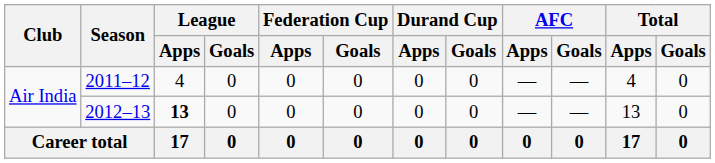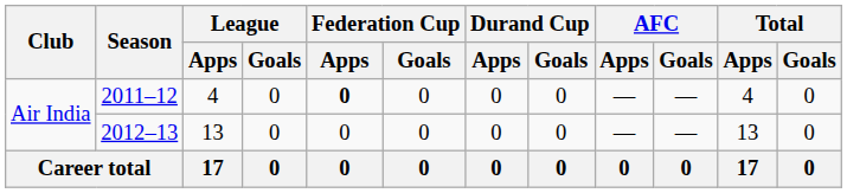 <table class="wikitable" style="font-size:90%; text-align:center;">
 <tr>
 <th rowspan="2">Club</th>
 <th rowspan="2">Season</th>
 <th colspan="2">League</th>
 <th colspan="2">Federation Cup</th>
 <th colspan="2">Durand Cup</th>
 <th colspan="2"><a href='#'>AFC</a></th>
 <th colspan="2">Total</th>
 </tr>
 <tr>
 <th>Apps</th>
 <th>Goals</th>
 <th>Apps</th>
 <th>Goals</th>
 <th>Apps</th>
 <th>Goals</th>
 <th>Apps</th>
 <th>Goals</th>
 <th>Apps</th>
 <th>Goals</th>
 </tr>
 <tr>
 <td rowspan="2"><a href='#'>Air India</a></td>
 <td><a href='#'>2011–12</a></td>
 <td>4</td>
 <td>0</td>
-<td>0</td>
+<td><strong>0</strong></td>
 <td>0</td>
 <td>0</td>
 <td>0</td>
 <td>—</td>
 <td>—</td>
 <td>4</td>
 <td>0</td>
 </tr>
 <tr>
 <td><a href='#'>2012–13</a></td>
-<td><strong>13</strong></td>
+<td>13</td>
 <td>0</td>
 <td>0</td>
 <td>0</td>
 <td>0</td>
 <td>0</td>
 <td>—</td>
 <td>—</td>
 <td>13</td>
 <td>0</td>
 </tr>
 <tr>
 <th colspan="2">Career total</th>
 <th>17</th>
 <th>0</th>
 <th>0</th>
 <th>0</th>
 <th>0</th>
 <th>0</th>
 <th>0</th>
 <th>0</th>
 <th>17</th>
 <th>0</th>
 </tr>
 </table>
